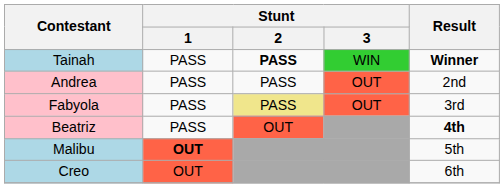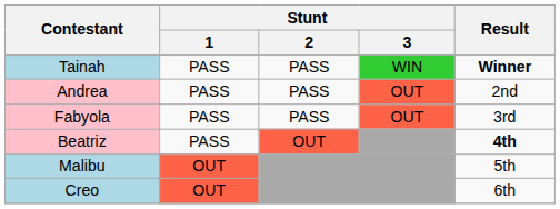 <table class="wikitable" style="font-size:90%; width:40%; text-align: center;">
 <tr>
 <th width="10%" rowspan=2>Contestant</th>
 <th width="24%" colspan=3>Stunt</th>
 <th width="06%" rowspan=2>Result</th>
 </tr>
 <tr>
 <th width="08%">1</th>
 <th width="08%">2</th>
 <th width="08%">3</th>
 </tr>
 <tr>
 <td bgcolor="ADD8E6">Tainah</td>
 <td>PASS</td>
-<td><strong>PASS</strong></td>
+<td>PASS</td>
 <td bgcolor="32CD32">WIN</td>
 <td><strong>Winner</strong></td>
 </tr>
 <tr>
 <td bgcolor="FFC0CB">Andrea</td>
 <td>PASS</td>
 <td>PASS</td>
 <td bgcolor="FF6347">OUT</td>
 <td>2nd</td>
 </tr>
 <tr>
 <td bgcolor="FFC0CB">Fabyola</td>
 <td>PASS</td>
-<td style="background: khaki;">PASS</td>
+<td>PASS</td>
 <td bgcolor="FF6347">OUT</td>
 <td>3rd</td>
 </tr>
 <tr>
 <td bgcolor="FFC0CB">Beatriz</td>
 <td>PASS</td>
 <td bgcolor="FF6347">OUT</td>
 <td bgcolor="A9A9A9"></td>
 <td><strong>4th</strong></td>
 </tr>
 <tr>
 <td bgcolor="ADD8E6">Malibu</td>
-<td bgcolor="FF6347"><strong>OUT</strong></td>
+<td bgcolor="FF6347">OUT</td>
 <td bgcolor="A9A9A9" colspan=2></td>
 <td>5th</td>
 </tr>
 <tr>
 <td bgcolor="ADD8E6">Creo</td>
 <td bgcolor="FF6347">OUT</td>
 <td bgcolor="A9A9A9" colspan=2></td>
 <td>6th</td>
 </tr>
 <tr>
 </tr>
 </table>
